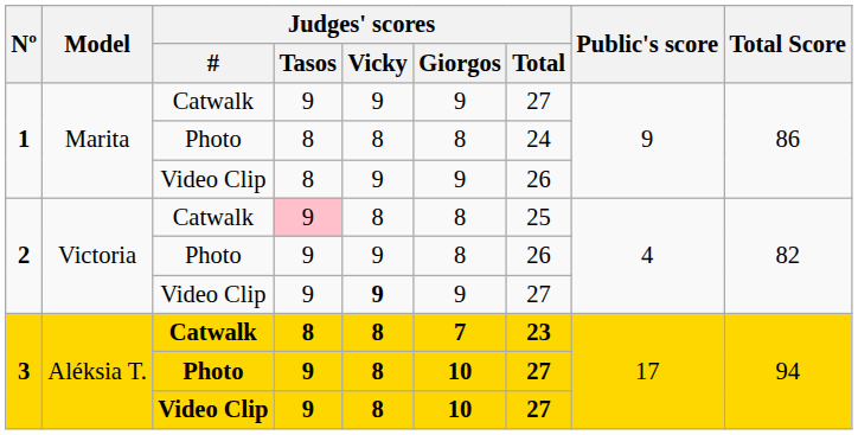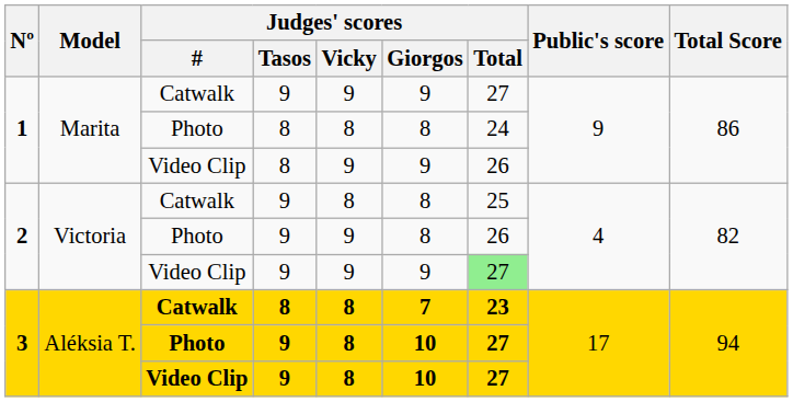 <table class="wikitable" style="text-align:center;">
 <tr>
 <th rowspan="2">Nº</th>
 <th rowspan="2">Model</th>
 <th colspan="5">Judges' scores</th>
 <th rowspan="2">Public's score</th>
 <th rowspan="2">Total Score</th>
 </tr>
 <tr>
 <th>#</th>
 <th>Tasos</th>
 <th>Vicky</th>
 <th>Giorgos</th>
 <th>Total</th>
 </tr>
 <tr>
 <td rowspan="3"><strong>1</strong></td>
 <td rowspan="3">Marita</td>
 <td>Catwalk</td>
 <td>9</td>
 <td>9</td>
 <td>9</td>
 <td>27</td>
 <td rowspan="3">9</td>
 <td rowspan="3">86</td>
 </tr>
 <tr>
 <td>Photo</td>
 <td>8</td>
 <td>8</td>
 <td>8</td>
 <td>24</td>
 </tr>
 <tr>
 <td>Video Clip</td>
 <td>8</td>
 <td>9</td>
 <td>9</td>
 <td>26</td>
 </tr>
 <tr>
 <td rowspan="3"><strong>2</strong></td>
 <td rowspan="3">Victoria</td>
 <td>Catwalk</td>
-<td style="background: pink;">9</td>
+<td>9</td>
 <td>8</td>
 <td>8</td>
 <td>25</td>
 <td rowspan="3">4</td>
 <td rowspan="3">82</td>
 </tr>
 <tr>
 <td>Photo</td>
 <td>9</td>
 <td>9</td>
 <td>8</td>
 <td>26</td>
 </tr>
 <tr>
 <td>Video Clip</td>
 <td>9</td>
-<td><strong>9</strong></td>
 <td>9</td>
-<td>27</td>
+<td>9</td>
+<td style="background: lightgreen;">27</td>
 </tr>
 <tr>
 <td rowspan="3" style="background:gold"><strong>3</strong></td>
 <td rowspan="3" style="background:gold">Aléksia T.</td>
 <th style="background:gold">Catwalk</th>
 <th style="background:gold">8</th>
 <th style="background:gold">8</th>
 <th style="background:gold">7</th>
 <th style="background:gold">23</th>
 <td rowspan="3" style="background:gold">17</td>
 <td rowspan="3" style="background:gold">94</td>
 </tr>
 <tr>
 <th style="background:gold">Photo</th>
 <th style="background:gold">9</th>
 <th style="background:gold">8</th>
 <th style="background:gold">10</th>
 <th style="background:gold">27</th>
 </tr>
 <tr>
 <th style="background:gold">Video Clip</th>
 <th style="background:gold">9</th>
 <th style="background:gold">8</th>
 <th style="background:gold">10</th>
 <th style="background:gold">27</th>
 </tr>
 </table>
